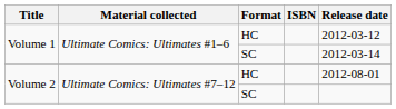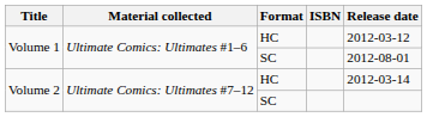 <table class="wikitable">
 <tr>
 <th>Title</th>
 <th>Material collected</th>
 <th>Format</th>
 <th>ISBN</th>
 <th>Release date</th>
 </tr>
 <tr>
 <td rowspan="2">Volume 1</td>
 <td rowspan="2"><em>Ultimate Comics: Ultimates</em> #1–6</td>
 <td>HC</td>
 <td></td>
 <td>2012-03-12</td>
 </tr>
 <tr>
 <td>SC</td>
 <td></td>
-<td>2012-03-14</td>
+<td>2012-08-01</td>
 </tr>
 <tr>
 <td rowspan="2">Volume 2</td>
 <td rowspan="2"><em>Ultimate Comics: Ultimates</em> #7–12</td>
 <td>HC</td>
 <td></td>
-<td>2012-08-01</td>
+<td>2012-03-14</td>
 </tr>
 <tr>
 <td>SC</td>
 <td></td>
 <td></td>
 </tr>
 </table>
